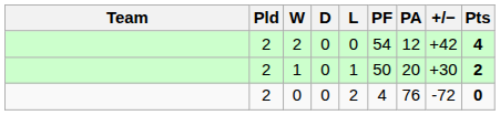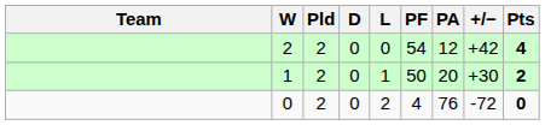 <table class="wikitable" style="text-align:center">
 <tr>
 <th width="230">Team</th>
+<th width="20">W</th>
 <th width="20">Pld</th>
-<th width="20">W</th>
 <th width="20">D</th>
 <th width="20">L</th>
 <th width="20">PF</th>
 <th width="20">PA</th>
 <th width="25">+/−</th>
 <th width="20">Pts</th>
 </tr>
 <tr style="background: #ccffcc;">
 <td style="text-align:left;"></td>
 <td>2</td>
 <td>2</td>
 <td>0</td>
 <td>0</td>
 <td>54</td>
 <td>12</td>
 <td>+42</td>
 <td><strong>4</strong></td>
 </tr>
 <tr style="background: #ccffcc;">
 <td style="text-align:left;"></td>
+<td>1</td>
 <td>2</td>
-<td>1</td>
 <td>0</td>
 <td>1</td>
 <td>50</td>
 <td>20</td>
 <td>+30</td>
 <td><strong>2</strong></td>
 </tr>
 <tr>
 <td style="text-align:left;"></td>
+<td>0</td>
 <td>2</td>
-<td>0</td>
 <td>0</td>
 <td>2</td>
 <td>4</td>
 <td>76</td>
 <td>-72</td>
 <td><strong>0</strong></td>
 </tr>
 </table>
